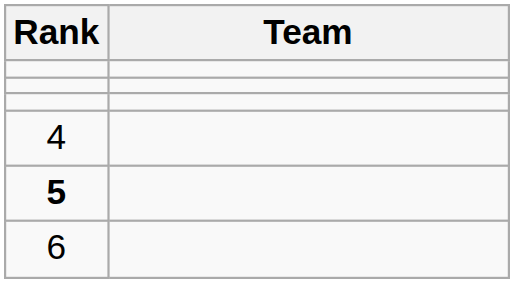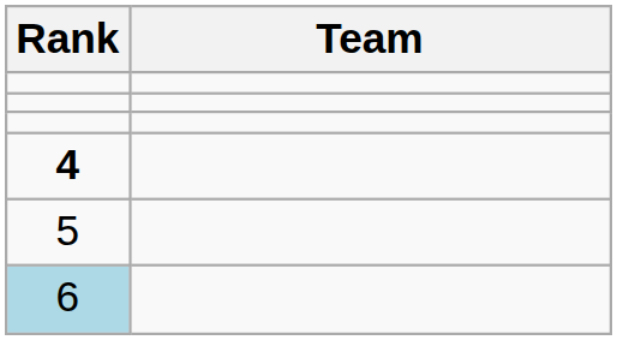 <table class="wikitable" style="text-align:center;">
 <tr>
 <th>Rank</th>
 <th width=175>Team</th>
 </tr>
 <tr>
 <td></td>
 <td align=left></td>
 </tr>
 <tr>
 <td></td>
 <td align=left></td>
 </tr>
 <tr>
 <td></td>
 <td align=left></td>
 </tr>
 <tr>
-<td>4</td>
+<td><strong>4</strong></td>
 <td align=left></td>
 </tr>
 <tr>
-<td><strong>5</strong></td>
+<td>5</td>
 <td align=left></td>
 </tr>
 <tr>
-<td>6</td>
+<td style="background: lightblue;">6</td>
 <td align=left></td>
 </tr>
 </table>
